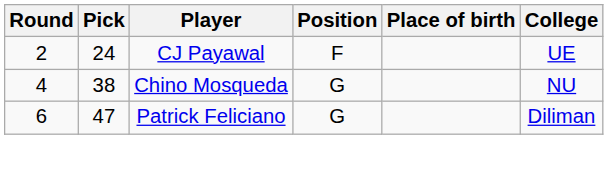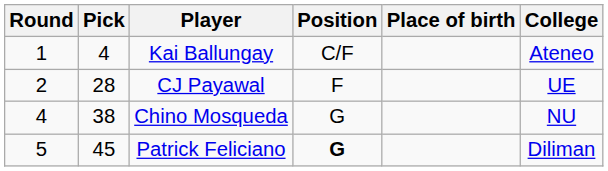 <table class="wikitable sortable sortable" style="text-align:center">
 <tr>
 <th>Round</th>
 <th>Pick</th>
 <th>Player</th>
 <th>Position</th>
 <th>Place of birth</th>
 <th>College</th>
 </tr>
 <tr>
+<td>1</td>
+<td>4</td>
+<td><a href='#'>Kai Ballungay</a></td>
+<td>C/F</td>
+<td></td>
+<td><a href='#'>Ateneo</a></td>
+</tr>
+<tr>
 <td>2</td>
-<td>24</td>
+<td>28</td>
 <td><a href='#'>CJ Payawal</a></td>
 <td>F</td>
 <td></td>
 <td><a href='#'>UE</a></td>
 </tr>
 <tr>
 <td>4</td>
 <td>38</td>
 <td><a href='#'>Chino Mosqueda</a></td>
 <td>G</td>
 <td></td>
 <td><a href='#'>NU</a></td>
 </tr>
 <tr>
-<td>6</td>
-<td>47</td>
+<td>5</td>
+<td>45</td>
 <td><a href='#'>Patrick Feliciano</a></td>
-<td>G</td>
+<td><strong>G</strong></td>
 <td></td>
 <td><a href='#'>Diliman</a></td>
 </tr>
 </table>
